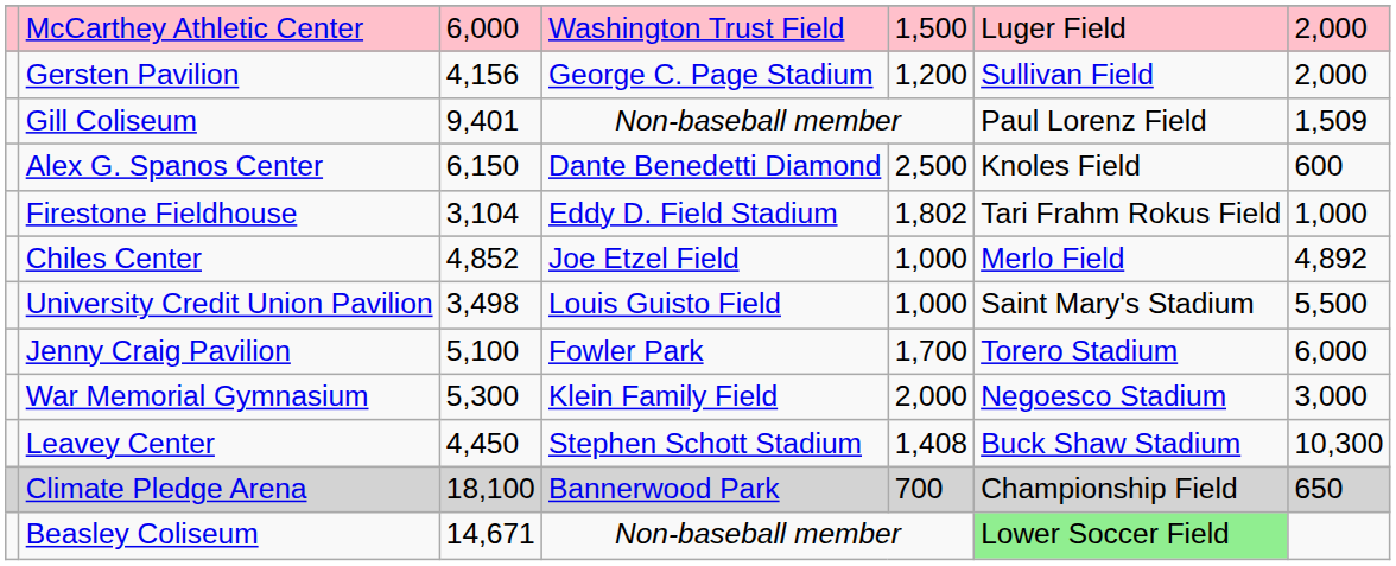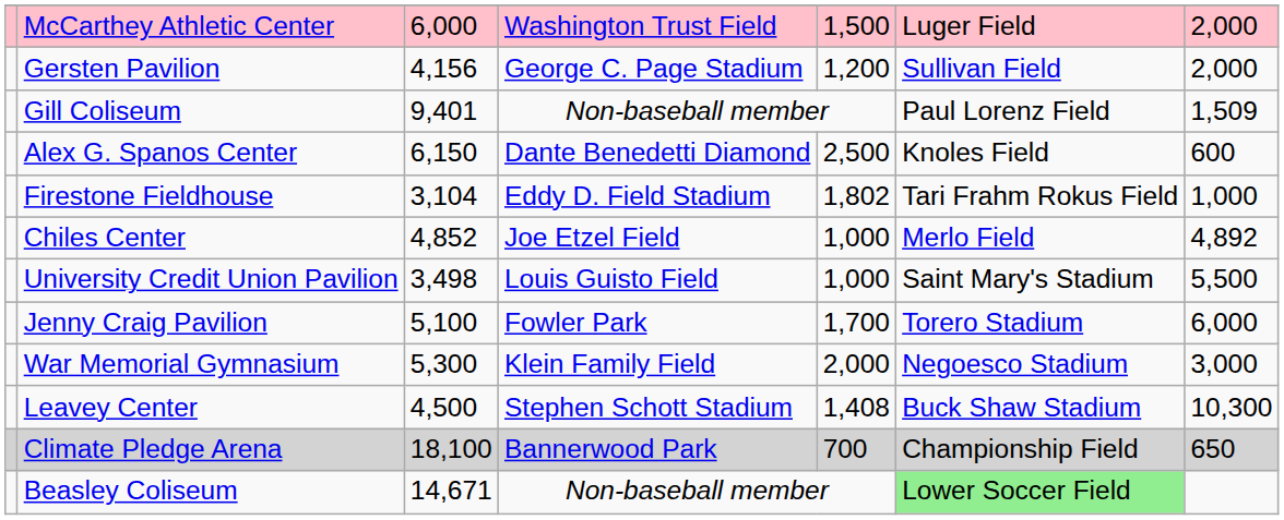 <table class="wikitable sortable">
 <tr>
 </tr>
 <tr bgcolor=pink>
 <td style="text-align:center; "><a href='#'></a></td>
 <td><a href='#'>McCarthey Athletic Center</a></td>
 <td>6,000</td>
 <td><a href='#'>Washington Trust Field</a></td>
 <td>1,500</td>
 <td>Luger Field</td>
 <td>2,000</td>
 </tr>
 <tr>
 <td style="text-align:center; "><a href='#'></a></td>
 <td><a href='#'>Gersten Pavilion</a></td>
 <td>4,156</td>
 <td><a href='#'>George C. Page Stadium</a></td>
 <td>1,200</td>
 <td><a href='#'>Sullivan Field</a></td>
 <td>2,000</td>
 </tr>
 <tr>
 <td style="text-align:center; "><a href='#'></a></td>
 <td><a href='#'>Gill Coliseum</a></td>
 <td>9,401</td>
 <td colspan=2 align=center><em>Non-baseball member</em></td>
 <td>Paul Lorenz Field</td>
 <td>1,509</td>
 </tr>
 <tr>
 <td style="text-align:center; "><a href='#'></a></td>
 <td><a href='#'>Alex G. Spanos Center</a></td>
 <td>6,150</td>
 <td><a href='#'>Dante Benedetti Diamond</a></td>
 <td>2,500</td>
 <td>Knoles Field</td>
 <td>600</td>
 </tr>
 <tr>
 <td style="text-align:center; "><a href='#'></a></td>
 <td><a href='#'>Firestone Fieldhouse</a></td>
 <td>3,104</td>
 <td><a href='#'>Eddy D. Field Stadium</a></td>
 <td>1,802</td>
 <td>Tari Frahm Rokus Field</td>
 <td>1,000</td>
 </tr>
 <tr>
 <td style="text-align:center; "><a href='#'></a></td>
 <td><a href='#'>Chiles Center</a></td>
 <td>4,852</td>
 <td><a href='#'>Joe Etzel Field</a></td>
 <td>1,000</td>
 <td><a href='#'>Merlo Field</a></td>
 <td>4,892</td>
 </tr>
 <tr>
 <td style="text-align:center; "><a href='#'></a></td>
 <td><a href='#'>University Credit Union Pavilion</a></td>
 <td>3,498</td>
 <td><a href='#'>Louis Guisto Field</a></td>
 <td>1,000</td>
 <td>Saint Mary's Stadium</td>
 <td>5,500</td>
 </tr>
 <tr>
 <td style="text-align:center; "><a href='#'></a></td>
 <td><a href='#'>Jenny Craig Pavilion</a></td>
 <td>5,100</td>
 <td><a href='#'>Fowler Park</a></td>
 <td>1,700</td>
 <td><a href='#'>Torero Stadium</a></td>
 <td>6,000</td>
 </tr>
 <tr>
 <td style="text-align:center; "><a href='#'></a></td>
 <td><a href='#'>War Memorial Gymnasium</a></td>
 <td>5,300</td>
 <td><a href='#'>Klein Family Field</a></td>
 <td>2,000</td>
 <td><a href='#'>Negoesco Stadium</a></td>
 <td>3,000</td>
 </tr>
 <tr>
 <td style="text-align:center; "><a href='#'></a></td>
 <td><a href='#'>Leavey Center</a></td>
-<td>4,450</td>
+<td>4,500</td>
 <td><a href='#'>Stephen Schott Stadium</a></td>
 <td>1,408</td>
 <td><a href='#'>Buck Shaw Stadium</a></td>
 <td>10,300</td>
 </tr>
 <tr bgcolor=lightgray>
 <td style="text-align:center; "><a href='#'></a></td>
 <td><a href='#'>Climate Pledge Arena</a></td>
 <td>18,100</td>
 <td><a href='#'>Bannerwood Park</a></td>
 <td>700</td>
 <td>Championship Field</td>
 <td>650</td>
 </tr>
 <tr>
 <td style="text-align:center; "><a href='#'></a></td>
 <td><a href='#'>Beasley Coliseum</a></td>
 <td>14,671</td>
 <td colspan=2 align=center><em>Non-baseball member</em></td>
 <td style="background: lightgreen;">Lower Soccer Field</td>
 <td></td>
 </tr>
 </table>
